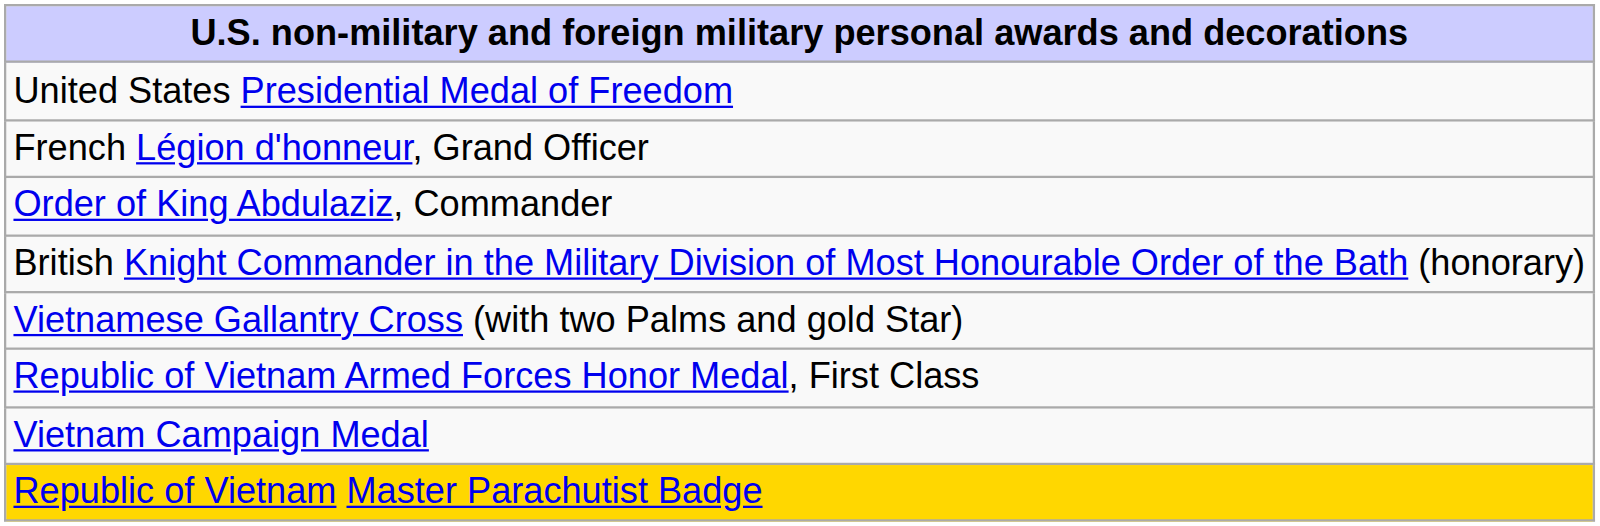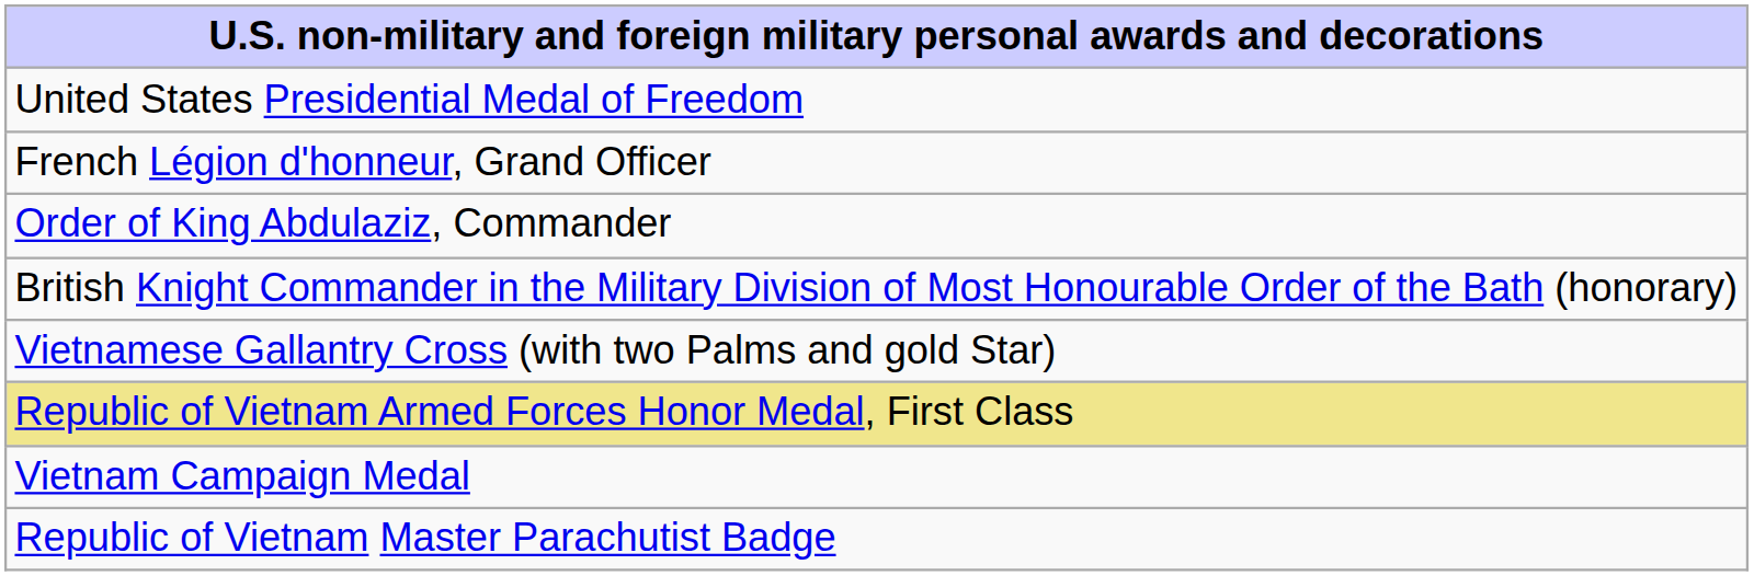 <table class="wikitable">
 <tr style="background:#ccf; text-align:center;">
 <td colspan=2><strong>U.S. non-military and foreign military personal awards and decorations</strong></td>
 </tr>
 <tr>
 <td> United States <a href='#'>Presidential Medal of Freedom</a></td>
 </tr>
 <tr>
 <td> French <a href='#'>Légion d'honneur</a>, Grand Officer</td>
 </tr>
 <tr>
 <td> <a href='#'>Order of King Abdulaziz</a>, Commander</td>
 </tr>
 <tr>
 <td> British <a href='#'>Knight Commander in the Military Division of Most Honourable Order of the Bath</a> (honorary)</td>
 </tr>
 <tr>
 <td><span></span> <a href='#'>Vietnamese Gallantry Cross</a> (with two Palms and gold Star)</td>
 </tr>
 <tr>
-<td> <a href='#'>Republic of Vietnam Armed Forces Honor Medal</a>, First Class</td>
+<td style="background: khaki;"> <a href='#'>Republic of Vietnam Armed Forces Honor Medal</a>, First Class</td>
 </tr>
 <tr>
 <td> <a href='#'>Vietnam Campaign Medal</a></td>
 </tr>
 <tr>
-<td style="background: gold;"><span></span> <a href='#'>Republic of Vietnam</a> <a href='#'>Master Parachutist Badge</a></td>
+<td><span></span> <a href='#'>Republic of Vietnam</a> <a href='#'>Master Parachutist Badge</a></td>
 </tr>
 </table>
